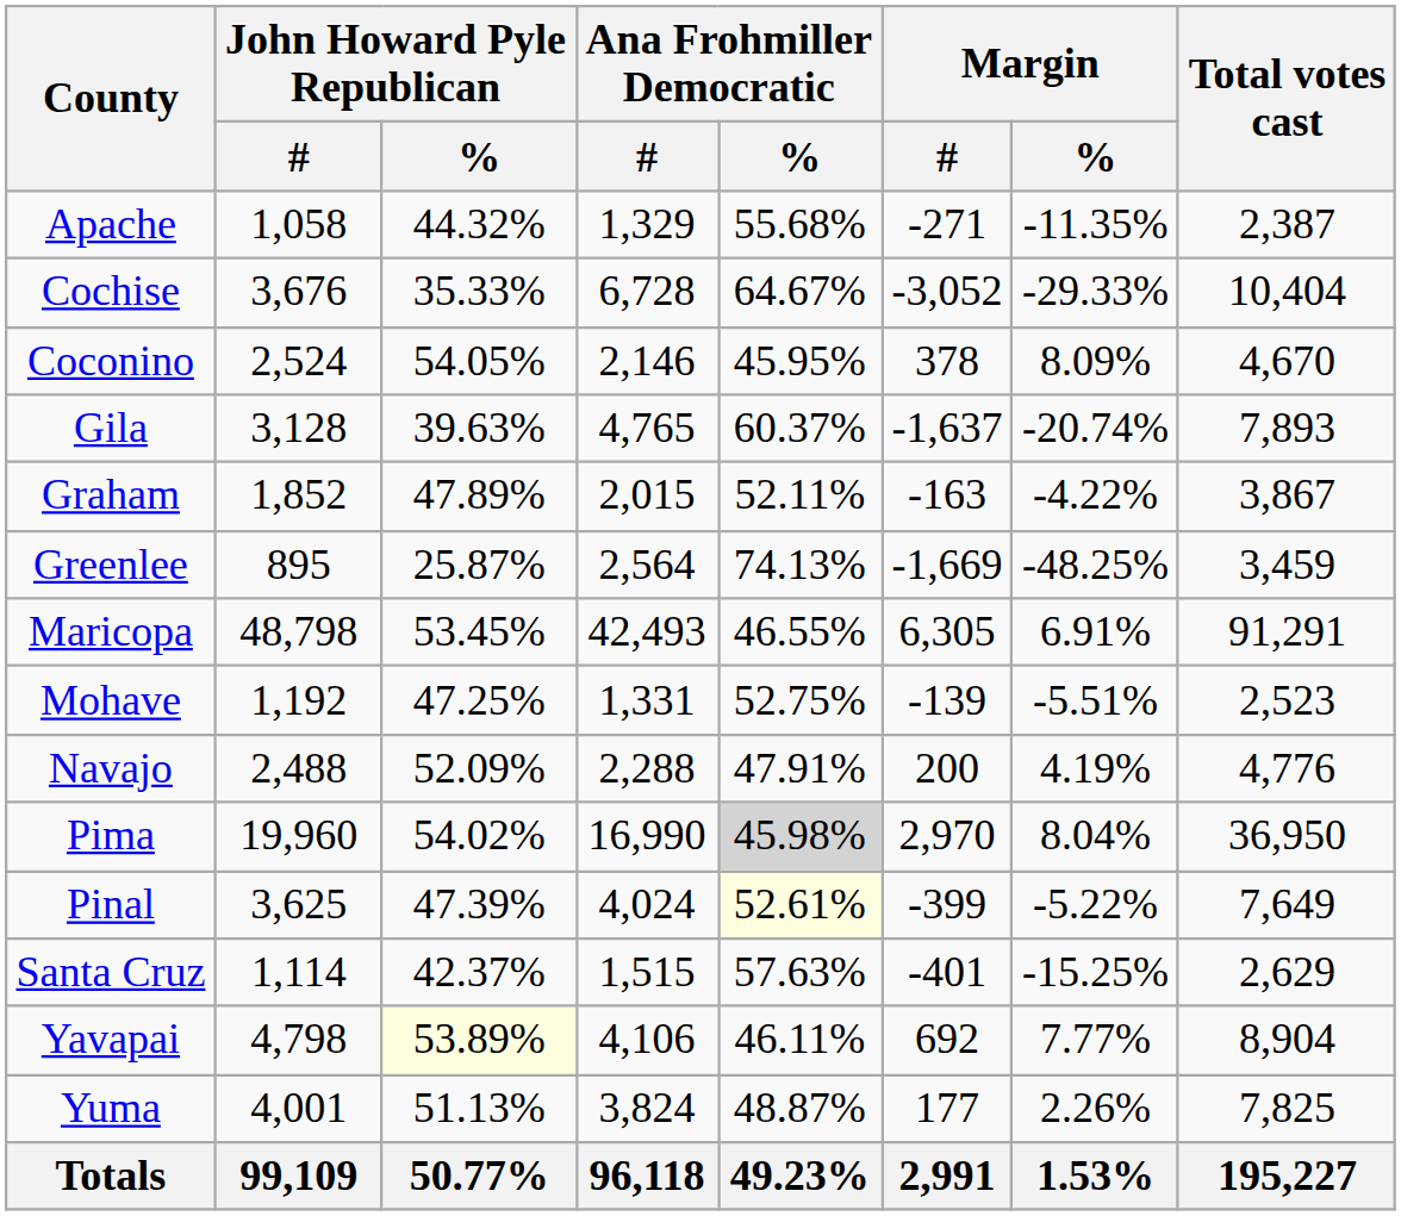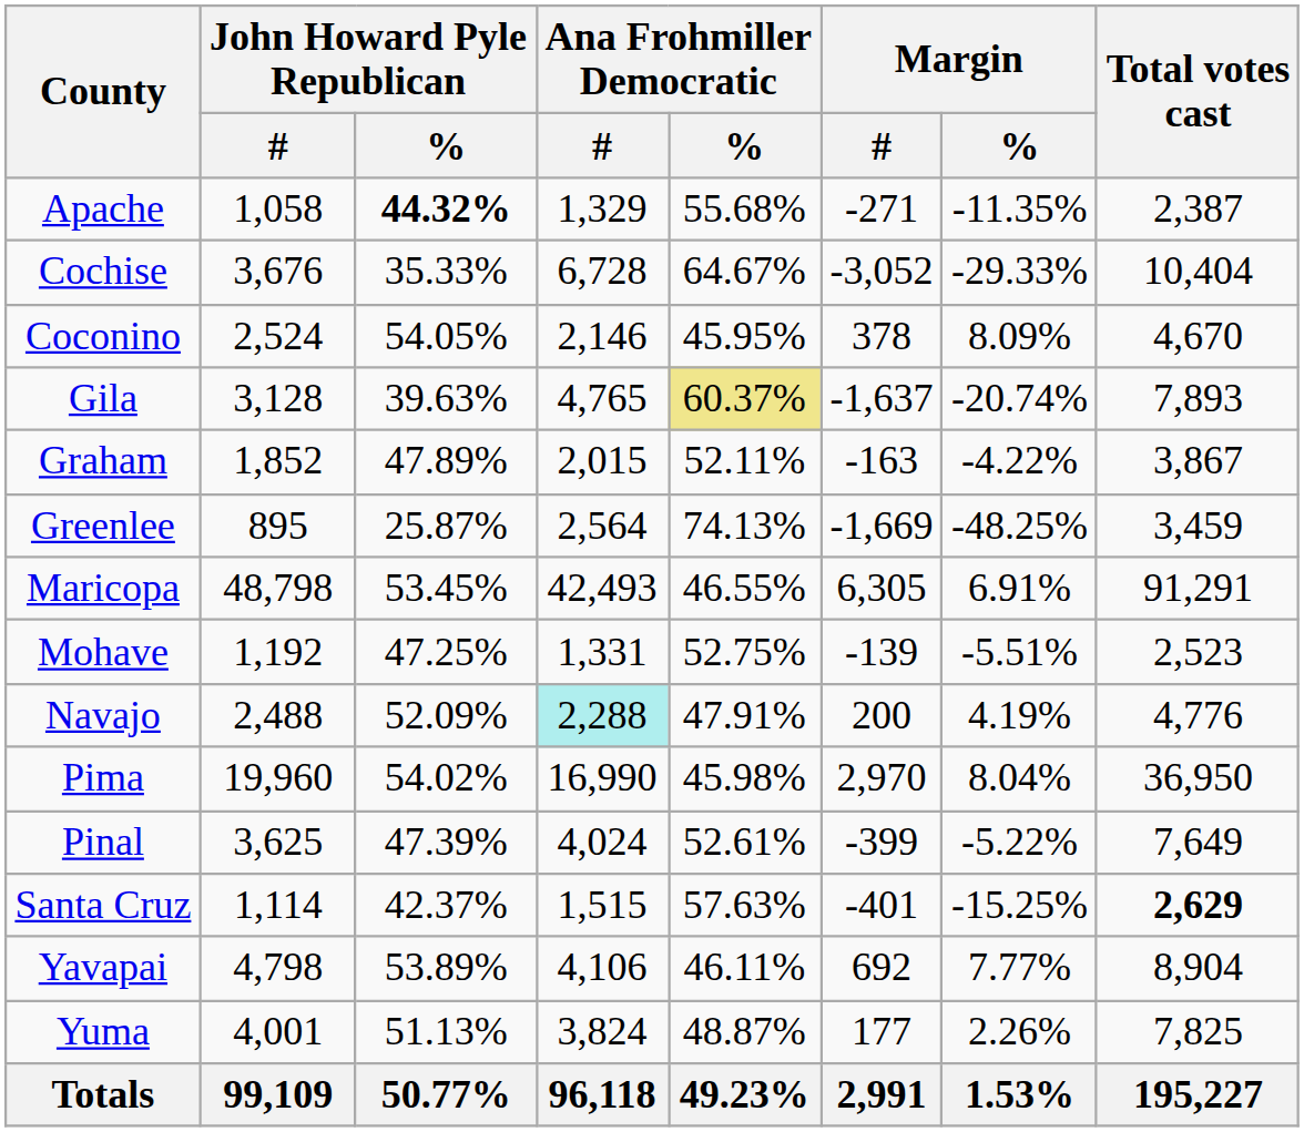 <table class="wikitable sortable" style="text-align:center">
 <tr>
 <th rowspan="2">County</th>
 <th style="text-align:center;" colspan="2">John Howard Pyle<br>Republican</th>
 <th style="text-align:center;" colspan="2">Ana Frohmiller<br>Democratic</th>
 <th style="text-align:center;" colspan="2">Margin</th>
 <th style="text-align:center;" rowspan="2">Total votes<br>cast</th>
 </tr>
 <tr>
 <th style="text-align:center;" data-sort-type="number">#</th>
 <th style="text-align:center;" data-sort-type="number">%</th>
 <th style="text-align:center;" data-sort-type="number">#</th>
 <th style="text-align:center;" data-sort-type="number">%</th>
 <th style="text-align:center;" data-sort-type="number">#</th>
 <th style="text-align:center;" data-sort-type="number">%</th>
 </tr>
 <tr style="text-align:center;">
 <td><a href='#'>Apache</a></td>
 <td>1,058</td>
-<td>44.32%</td>
+<td><strong>44.32%</strong></td>
 <td>1,329</td>
 <td>55.68%</td>
 <td>-271</td>
 <td>-11.35%</td>
 <td>2,387</td>
 </tr>
 <tr style="text-align:center;">
 <td><a href='#'>Cochise</a></td>
 <td>3,676</td>
 <td>35.33%</td>
 <td>6,728</td>
 <td>64.67%</td>
 <td>-3,052</td>
 <td>-29.33%</td>
 <td>10,404</td>
 </tr>
 <tr style="text-align:center;">
 <td><a href='#'>Coconino</a></td>
 <td>2,524</td>
 <td>54.05%</td>
 <td>2,146</td>
 <td>45.95%</td>
 <td>378</td>
 <td>8.09%</td>
 <td>4,670</td>
 </tr>
 <tr style="text-align:center;">
 <td><a href='#'>Gila</a></td>
 <td>3,128</td>
 <td>39.63%</td>
 <td>4,765</td>
-<td>60.37%</td>
+<td style="background: khaki;">60.37%</td>
 <td>-1,637</td>
 <td>-20.74%</td>
 <td>7,893</td>
 </tr>
 <tr style="text-align:center;">
 <td><a href='#'>Graham</a></td>
 <td>1,852</td>
 <td>47.89%</td>
 <td>2,015</td>
 <td>52.11%</td>
 <td>-163</td>
 <td>-4.22%</td>
 <td>3,867</td>
 </tr>
 <tr style="text-align:center;">
 <td><a href='#'>Greenlee</a></td>
 <td>895</td>
 <td>25.87%</td>
 <td>2,564</td>
 <td>74.13%</td>
 <td>-1,669</td>
 <td>-48.25%</td>
 <td>3,459</td>
 </tr>
 <tr style="text-align:center;">
 <td><a href='#'>Maricopa</a></td>
 <td>48,798</td>
 <td>53.45%</td>
 <td>42,493</td>
 <td>46.55%</td>
 <td>6,305</td>
 <td>6.91%</td>
 <td>91,291</td>
 </tr>
 <tr style="text-align:center;">
 <td><a href='#'>Mohave</a></td>
 <td>1,192</td>
 <td>47.25%</td>
 <td>1,331</td>
 <td>52.75%</td>
 <td>-139</td>
 <td>-5.51%</td>
 <td>2,523</td>
 </tr>
 <tr style="text-align:center;">
 <td><a href='#'>Navajo</a></td>
 <td>2,488</td>
 <td>52.09%</td>
-<td>2,288</td>
+<td style="background: paleturquoise;">2,288</td>
 <td>47.91%</td>
 <td>200</td>
 <td>4.19%</td>
 <td>4,776</td>
 </tr>
 <tr style="text-align:center;">
 <td><a href='#'>Pima</a></td>
 <td>19,960</td>
 <td>54.02%</td>
 <td>16,990</td>
-<td style="background: lightgrey;">45.98%</td>
+<td>45.98%</td>
 <td>2,970</td>
 <td>8.04%</td>
 <td>36,950</td>
 </tr>
 <tr style="text-align:center;">
 <td><a href='#'>Pinal</a></td>
 <td>3,625</td>
 <td>47.39%</td>
 <td>4,024</td>
-<td style="background: lightyellow;">52.61%</td>
+<td>52.61%</td>
 <td>-399</td>
 <td>-5.22%</td>
 <td>7,649</td>
 </tr>
 <tr style="text-align:center;">
 <td><a href='#'>Santa Cruz</a></td>
 <td>1,114</td>
 <td>42.37%</td>
 <td>1,515</td>
 <td>57.63%</td>
 <td>-401</td>
 <td>-15.25%</td>
-<td>2,629</td>
+<td><strong>2,629</strong></td>
 </tr>
 <tr style="text-align:center;">
 <td><a href='#'>Yavapai</a></td>
 <td>4,798</td>
-<td style="background: lightyellow;">53.89%</td>
+<td>53.89%</td>
 <td>4,106</td>
 <td>46.11%</td>
 <td>692</td>
 <td>7.77%</td>
 <td>8,904</td>
 </tr>
 <tr style="text-align:center;">
 <td><a href='#'>Yuma</a></td>
 <td>4,001</td>
 <td>51.13%</td>
 <td>3,824</td>
 <td>48.87%</td>
 <td>177</td>
 <td>2.26%</td>
 <td>7,825</td>
 </tr>
 <tr style="text-align:center;">
 <th>Totals</th>
 <th>99,109</th>
 <th>50.77%</th>
 <th>96,118</th>
 <th>49.23%</th>
 <th>2,991</th>
 <th>1.53%</th>
 <th>195,227</th>
 </tr>
 </table>
